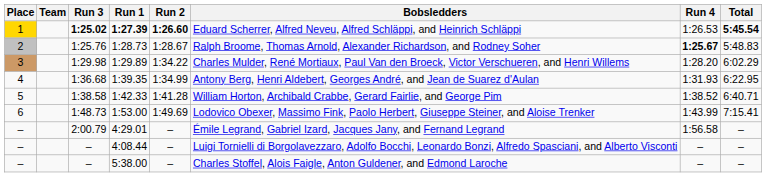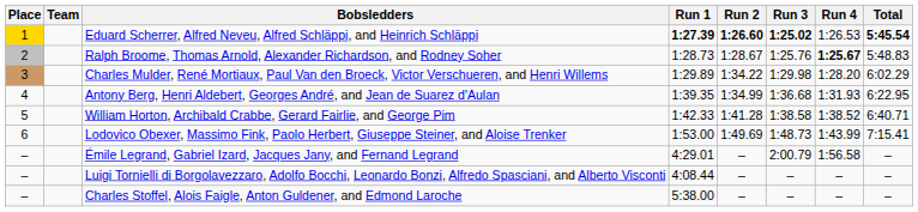 <table class="wikitable" style="text-align:center">
 <tr>
 <th>Place</th>
 <th>Team</th>
-<th>Run 3</th>
+<th>Bobsledders</th>
 <th>Run 1</th>
 <th>Run 2</th>
-<th>Bobsledders</th>
+<th>Run 3</th>
 <th>Run 4</th>
 <th>Total</th>
 </tr>
 <tr>
 <td bgcolor=gold>1</td>
 <td align=left></td>
-<td><strong>1:25.02</strong></td>
+<td align=left><a href='#'>Eduard Scherrer</a>, <a href='#'>Alfred Neveu</a>, <a href='#'>Alfred Schläppi</a>, and <a href='#'>Heinrich Schläppi</a></td>
 <td><strong>1:27.39</strong></td>
 <td><strong>1:26.60</strong></td>
-<td align=left><a href='#'>Eduard Scherrer</a>, <a href='#'>Alfred Neveu</a>, <a href='#'>Alfred Schläppi</a>, and <a href='#'>Heinrich Schläppi</a></td>
+<td><strong>1:25.02</strong></td>
 <td>1:26.53</td>
 <td><strong>5:45.54</strong></td>
 </tr>
 <tr>
 <td bgcolor=silver>2</td>
 <td align=left></td>
-<td>1:25.76</td>
+<td align=left><a href='#'>Ralph Broome</a>, <a href='#'>Thomas Arnold</a>, <a href='#'>Alexander Richardson</a>, and <a href='#'>Rodney Soher</a></td>
 <td>1:28.73</td>
 <td>1:28.67</td>
-<td align=left><a href='#'>Ralph Broome</a>, <a href='#'>Thomas Arnold</a>, <a href='#'>Alexander Richardson</a>, and <a href='#'>Rodney Soher</a></td>
+<td>1:25.76</td>
 <td><strong>1:25.67</strong></td>
 <td>5:48.83</td>
 </tr>
 <tr>
 <td bgcolor=cc9966>3</td>
 <td align=left></td>
-<td>1:29.98</td>
+<td align=left><a href='#'>Charles Mulder</a>, <a href='#'>René Mortiaux</a>, <a href='#'>Paul Van den Broeck</a>, <a href='#'>Victor Verschueren</a>, and <a href='#'>Henri Willems</a></td>
 <td>1:29.89</td>
 <td>1:34.22</td>
-<td align=left><a href='#'>Charles Mulder</a>, <a href='#'>René Mortiaux</a>, <a href='#'>Paul Van den Broeck</a>, <a href='#'>Victor Verschueren</a>, and <a href='#'>Henri Willems</a></td>
+<td>1:29.98</td>
 <td>1:28.20</td>
 <td>6:02.29</td>
 </tr>
 <tr>
 <td>4</td>
 <td align=left></td>
-<td>1:36.68</td>
+<td align=left><a href='#'>Antony Berg</a>, <a href='#'>Henri Aldebert</a>, <a href='#'>Georges André</a>, and <a href='#'>Jean de Suarez d'Aulan</a></td>
 <td>1:39.35</td>
 <td>1:34.99</td>
-<td align=left><a href='#'>Antony Berg</a>, <a href='#'>Henri Aldebert</a>, <a href='#'>Georges André</a>, and <a href='#'>Jean de Suarez d'Aulan</a></td>
+<td>1:36.68</td>
 <td>1:31.93</td>
 <td>6:22.95</td>
 </tr>
 <tr>
 <td>5</td>
 <td align=left></td>
-<td>1:38.58</td>
+<td align=left><a href='#'>William Horton</a>, <a href='#'>Archibald Crabbe</a>, <a href='#'>Gerard Fairlie</a>, and <a href='#'>George Pim</a></td>
 <td>1:42.33</td>
 <td>1:41.28</td>
-<td align=left><a href='#'>William Horton</a>, <a href='#'>Archibald Crabbe</a>, <a href='#'>Gerard Fairlie</a>, and <a href='#'>George Pim</a></td>
+<td>1:38.58</td>
 <td>1:38.52</td>
 <td>6:40.71</td>
 </tr>
 <tr>
 <td>6</td>
 <td align=left></td>
-<td>1:48.73</td>
+<td align=left><a href='#'>Lodovico Obexer</a>, <a href='#'>Massimo Fink</a>, <a href='#'>Paolo Herbert</a>, <a href='#'>Giuseppe Steiner</a>, and <a href='#'>Aloise Trenker</a></td>
 <td>1:53.00</td>
 <td>1:49.69</td>
-<td align=left><a href='#'>Lodovico Obexer</a>, <a href='#'>Massimo Fink</a>, <a href='#'>Paolo Herbert</a>, <a href='#'>Giuseppe Steiner</a>, and <a href='#'>Aloise Trenker</a></td>
+<td>1:48.73</td>
 <td>1:43.99</td>
 <td>7:15.41</td>
 </tr>
 <tr>
 <td>–</td>
 <td align=left></td>
-<td>2:00.79</td>
+<td align=left><a href='#'>Émile Legrand</a>, <a href='#'>Gabriel Izard</a>, <a href='#'>Jacques Jany</a>, and <a href='#'>Fernand Legrand</a></td>
 <td>4:29.01</td>
 <td>–</td>
-<td align=left><a href='#'>Émile Legrand</a>, <a href='#'>Gabriel Izard</a>, <a href='#'>Jacques Jany</a>, and <a href='#'>Fernand Legrand</a></td>
+<td>2:00.79</td>
 <td>1:56.58</td>
 <td>–</td>
 </tr>
 <tr>
 <td>–</td>
 <td align=left></td>
-<td>–</td>
+<td align=left><a href='#'>Luigi Tornielli di Borgolavezzaro</a>, <a href='#'>Adolfo Bocchi</a>, <a href='#'>Leonardo Bonzi</a>, <a href='#'>Alfredo Spasciani</a>, and <a href='#'>Alberto Visconti</a></td>
 <td>4:08.44</td>
 <td>–</td>
-<td align=left><a href='#'>Luigi Tornielli di Borgolavezzaro</a>, <a href='#'>Adolfo Bocchi</a>, <a href='#'>Leonardo Bonzi</a>, <a href='#'>Alfredo Spasciani</a>, and <a href='#'>Alberto Visconti</a></td>
+<td>–</td>
 <td>–</td>
 <td>–</td>
 </tr>
 <tr>
 <td>–</td>
 <td align=left></td>
-<td>–</td>
+<td align=left><a href='#'>Charles Stoffel</a>, <a href='#'>Alois Faigle</a>, <a href='#'>Anton Guldener</a>, and <a href='#'>Edmond Laroche</a></td>
 <td>5:38.00</td>
 <td>–</td>
-<td align=left><a href='#'>Charles Stoffel</a>, <a href='#'>Alois Faigle</a>, <a href='#'>Anton Guldener</a>, and <a href='#'>Edmond Laroche</a></td>
+<td>–</td>
 <td>–</td>
 <td>–</td>
 </tr>
 </table>
